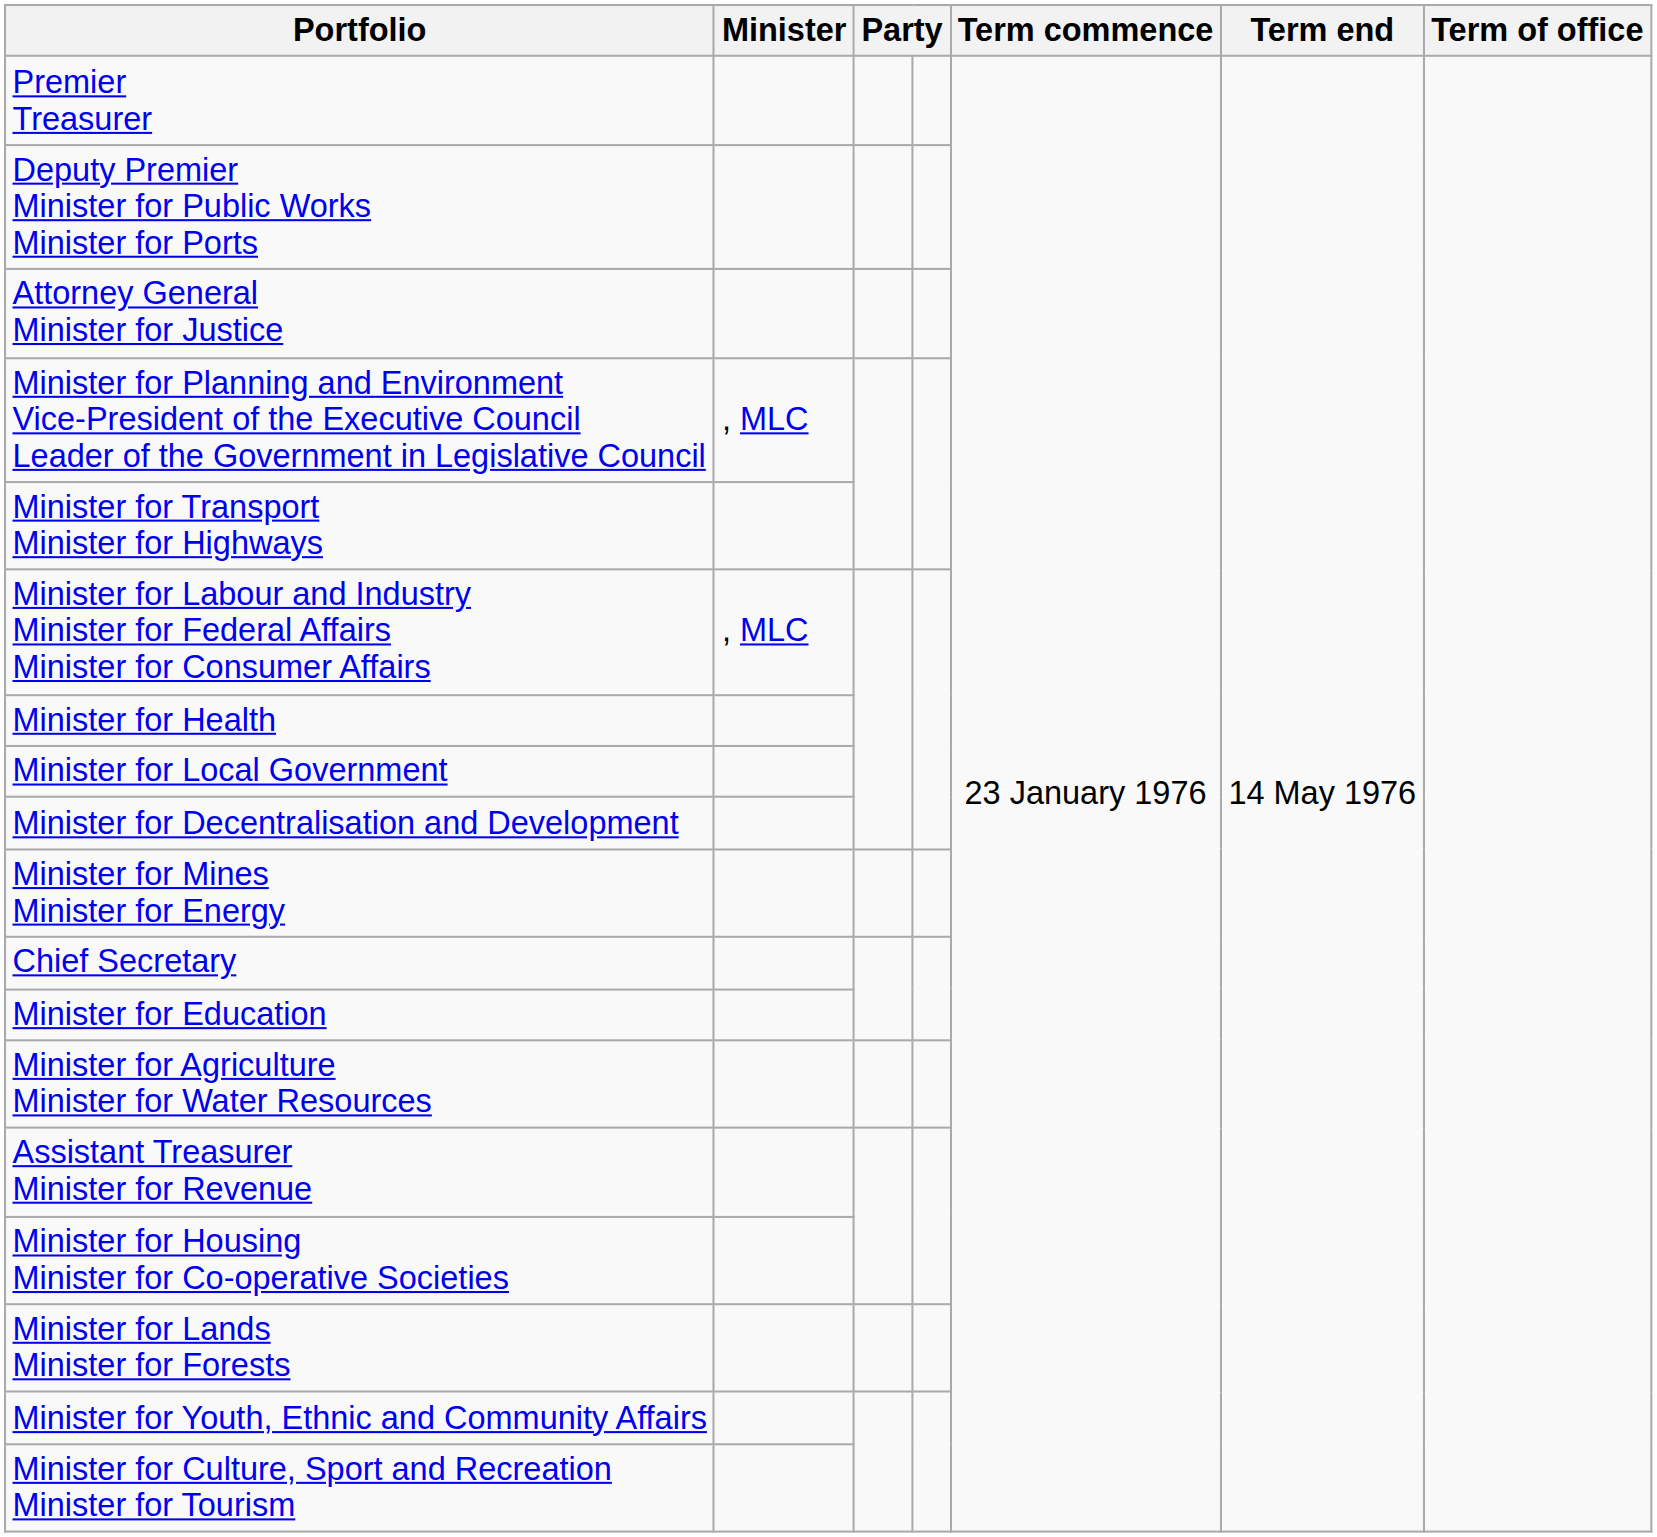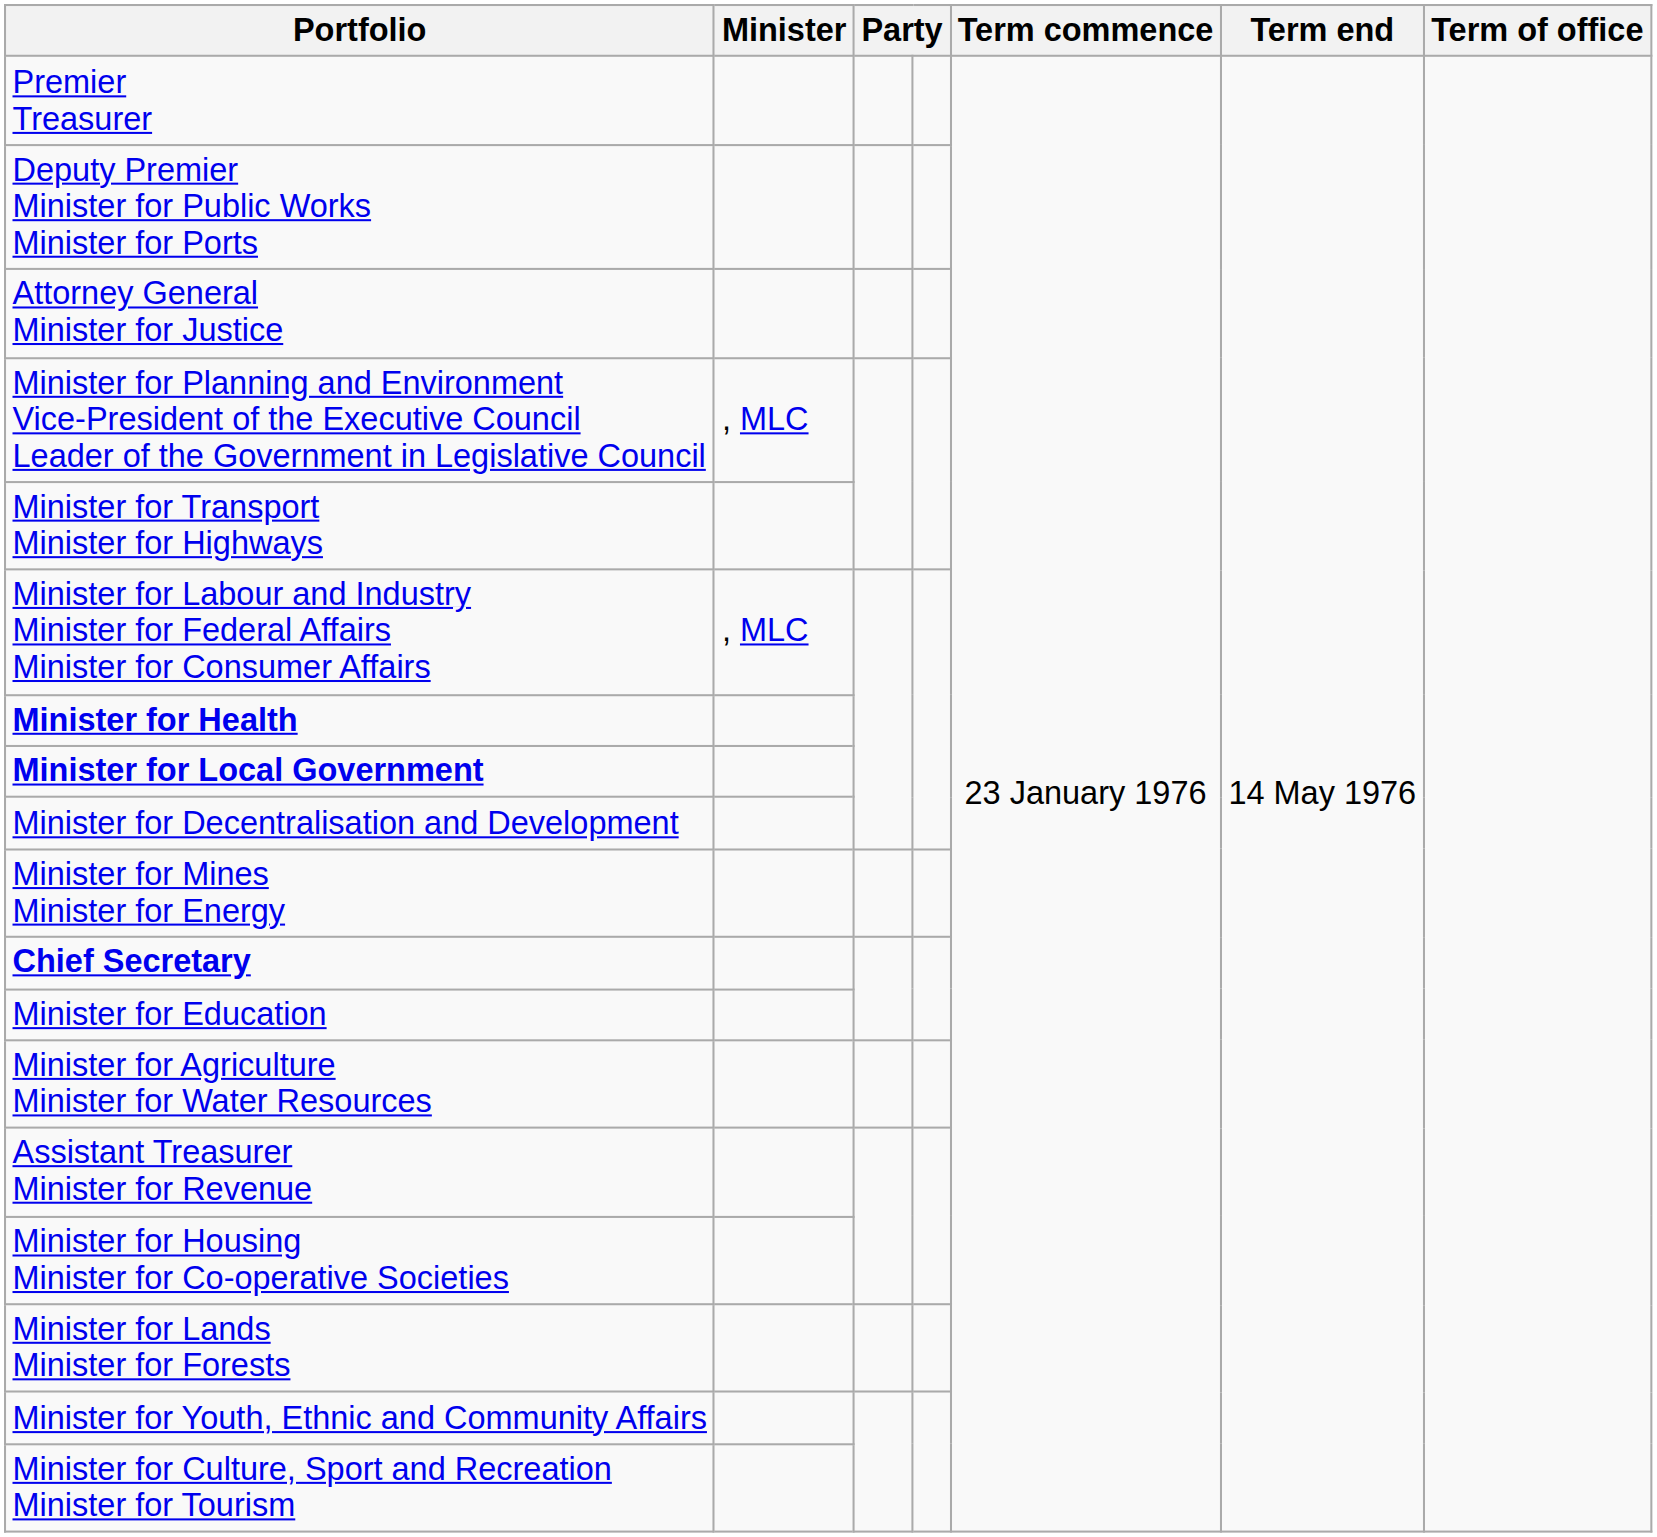 <table class="wikitable sortable">
 <tr>
 <th>Portfolio</th>
 <th>Minister</th>
 <th colspan="2">Party</th>
 <th>Term commence</th>
 <th>Term end</th>
 <th>Term of office</th>
 </tr>
 <tr>
 <td><a href='#'>Premier</a><br><a href='#'>Treasurer</a></td>
 <td></td>
 <td> </td>
 <td></td>
 <td rowspan=18 align=center>23 January 1976</td>
 <td rowspan=18 align=center>14 May 1976</td>
 <td rowspan=18 align=center></td>
 </tr>
 <tr>
 <td><a href='#'>Deputy Premier</a><br><a href='#'>Minister for Public Works</a><br><a href='#'>Minister for Ports</a></td>
 <td></td>
 <td> </td>
 <td></td>
 </tr>
 <tr>
 <td><a href='#'>Attorney General</a><br><a href='#'>Minister for Justice</a></td>
 <td></td>
 <td> </td>
 <td></td>
 </tr>
 <tr>
 <td><a href='#'>Minister for Planning and Environment</a><br><a href='#'>Vice-President of the Executive Council</a><br><a href='#'>Leader of the Government in Legislative Council</a></td>
 <td>, <a href='#'>MLC</a></td>
 <td rowspan=2 > </td>
 <td rowspan=2></td>
 </tr>
 <tr>
 <td><a href='#'>Minister for Transport</a><br><a href='#'>Minister for Highways</a></td>
 <td></td>
 </tr>
 <tr>
 <td><a href='#'>Minister for Labour and Industry</a><br><a href='#'>Minister for Federal Affairs</a><br><a href='#'>Minister for Consumer Affairs</a></td>
 <td>, <a href='#'>MLC</a></td>
 <td rowspan=4 > </td>
 <td rowspan=4></td>
 </tr>
 <tr>
-<td><a href='#'>Minister for Health</a></td>
+<td><strong><a href='#'>Minister for Health</a></strong></td>
 <td></td>
 </tr>
 <tr>
-<td><a href='#'>Minister for Local Government</a></td>
+<td><strong><a href='#'>Minister for Local Government</a></strong></td>
 <td></td>
 </tr>
 <tr>
 <td><a href='#'>Minister for Decentralisation and Development</a></td>
 <td></td>
 </tr>
 <tr>
 <td><a href='#'>Minister for Mines</a><br><a href='#'>Minister for Energy</a></td>
 <td></td>
 <td> </td>
 <td></td>
 </tr>
 <tr>
-<td><a href='#'>Chief Secretary</a></td>
+<td><strong><a href='#'>Chief Secretary</a></strong></td>
 <td></td>
 <td rowspan=2 > </td>
 <td rowspan=2></td>
 </tr>
 <tr>
 <td><a href='#'>Minister for Education</a></td>
 <td></td>
 </tr>
 <tr>
 <td><a href='#'>Minister for Agriculture</a><br><a href='#'>Minister for Water Resources</a></td>
 <td></td>
 <td> </td>
 <td></td>
 </tr>
 <tr>
 <td><a href='#'>Assistant Treasurer</a><br><a href='#'>Minister for Revenue</a></td>
 <td></td>
 <td rowspan=2 > </td>
 <td rowspan=2></td>
 </tr>
 <tr>
 <td><a href='#'>Minister for Housing</a><br><a href='#'>Minister for Co-operative Societies</a></td>
 <td></td>
 </tr>
 <tr>
 <td><a href='#'>Minister for Lands</a><br><a href='#'>Minister for Forests</a></td>
 <td></td>
 <td> </td>
 <td></td>
 </tr>
 <tr>
 <td><a href='#'>Minister for Youth, Ethnic and Community Affairs</a></td>
 <td></td>
 <td rowspan=2 > </td>
 <td rowspan=2></td>
 </tr>
 <tr>
 <td><a href='#'>Minister for Culture, Sport and Recreation</a><br><a href='#'>Minister for Tourism</a></td>
 <td></td>
 </tr>
 </table>
